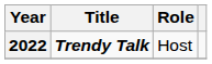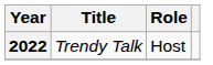 <table class="wikitable sortable plainrowheaders">
 <tr>
 <th scope="col">Year</th>
 <th scope="col">Title</th>
 <th scope="col">Role</th>
 <th scope="col" class="unsortable"></th>
 </tr>
 <tr>
 <th scope="row">2022</th>
-<td><strong><em>Trendy Talk</em></strong></td>
+<td><em>Trendy Talk</em></td>
 <td>Host</td>
 <td></td>
 </tr>
 <tr>
 </tr>
 </table>
